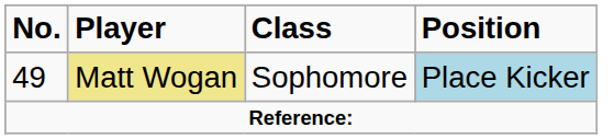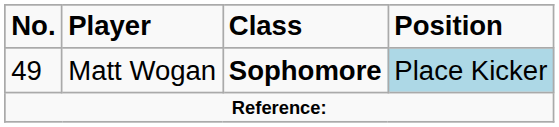 <table class="wikitable" style="text-align=center">
 <tr style="font-weight:bold">
 <td>No.</td>
 <td>Player</td>
 <td>Class</td>
 <td>Position</td>
 </tr>
 <tr>
 <td>49</td>
-<td style="background: khaki;">Matt Wogan</td>
-<td>Sophomore</td>
+<td>Matt Wogan</td>
+<td><strong>Sophomore</strong></td>
 <td style="background: lightblue;">Place Kicker</td>
 </tr>
 <tr style="font-size:8pt; font-weight:bold; text-align:center;">
 <td colspan=4>Reference:</td>
 </tr>
 </table>
